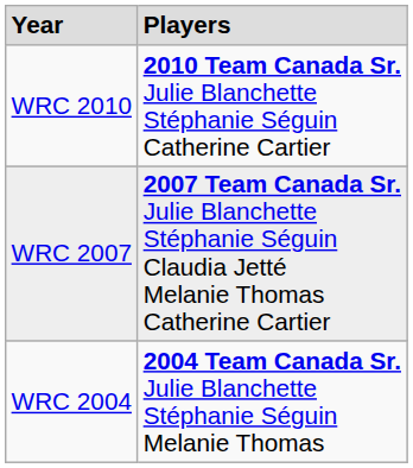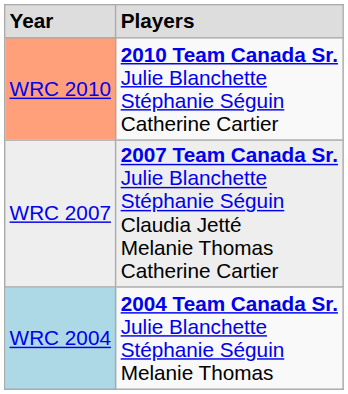 <table class="wikitable" style="text-align:left; font-size:90%;">
 <tr align="left" style="font-weight:bold; background-color:#dddddd;" |>
 <td align="left">Year</td>
 <td>Players</td>
 </tr>
 <tr align="Left">
-<td align="left"><a href='#'>WRC 2010</a></td>
+<td align="left" style="background: lightsalmon;"><a href='#'>WRC 2010</a></td>
 <td><strong><a href='#'>2010 Team Canada Sr.</a></strong><br> <a href='#'>Julie Blanchette</a> <br> <a href='#'>Stéphanie Séguin</a>  <br> Catherine Cartier</td>
 </tr>
 <tr align="Left" bgcolor="#eeeeee">
 <td align="left"><a href='#'>WRC 2007</a></td>
 <td><strong><a href='#'>2007 Team Canada Sr.</a></strong><br> <a href='#'>Julie Blanchette</a> <br> <a href='#'>Stéphanie Séguin</a> <br> Claudia Jetté  <br> Melanie Thomas <br> Catherine Cartier</td>
 </tr>
 <tr align="Left">
-<td align="left"><a href='#'>WRC 2004</a></td>
+<td align="left" style="background: lightblue;"><a href='#'>WRC 2004</a></td>
 <td><strong><a href='#'>2004 Team Canada Sr.</a></strong><br> <a href='#'>Julie Blanchette</a> <br> <a href='#'>Stéphanie Séguin</a> <br> Melanie Thomas</td>
 </tr>
 </table>
